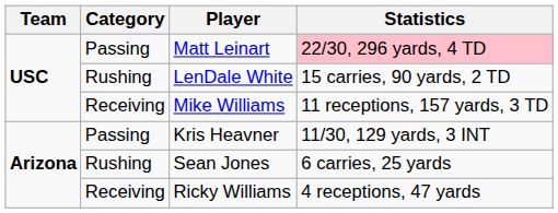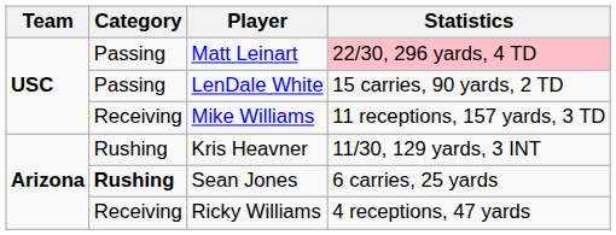 <table class="wikitable" style="float: right;">
 <tr>
 <th>Team</th>
 <th>Category</th>
 <th>Player</th>
 <th>Statistics</th>
 </tr>
 <tr>
 <td rowspan=3><strong>USC</strong></td>
 <td>Passing</td>
 <td><a href='#'>Matt Leinart</a></td>
 <td style="background: pink;">22/30, 296 yards, 4 TD</td>
 </tr>
 <tr>
-<td>Rushing</td>
+<td>Passing</td>
 <td><a href='#'>LenDale White</a></td>
 <td>15 carries, 90 yards, 2 TD</td>
 </tr>
 <tr>
 <td>Receiving</td>
 <td><a href='#'>Mike Williams</a></td>
 <td>11 receptions, 157 yards, 3 TD</td>
 </tr>
 <tr>
 <td rowspan=3><strong>Arizona</strong></td>
-<td>Passing</td>
+<td>Rushing</td>
 <td>Kris Heavner</td>
 <td>11/30, 129 yards, 3 INT</td>
 </tr>
 <tr>
-<td>Rushing</td>
+<td><strong>Rushing</strong></td>
 <td>Sean Jones</td>
 <td>6 carries, 25 yards</td>
 </tr>
 <tr>
 <td>Receiving</td>
 <td>Ricky Williams</td>
 <td>4 receptions, 47 yards</td>
 </tr>
 </table>
